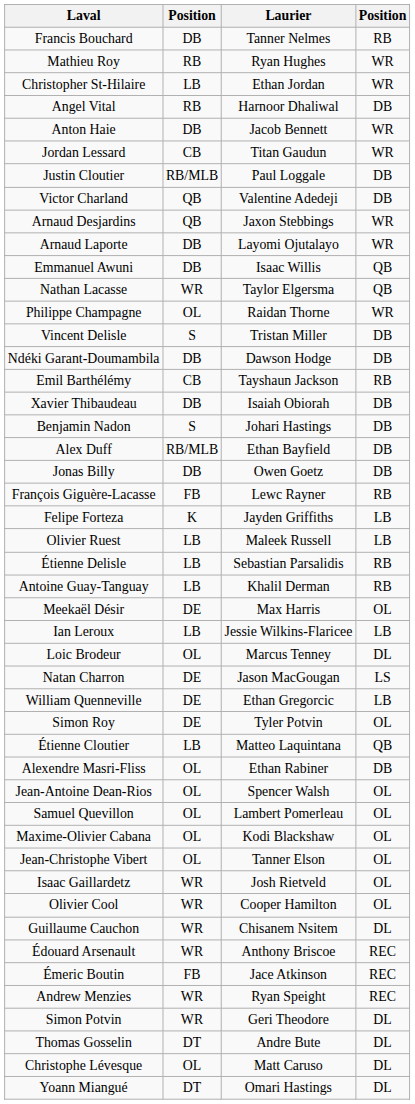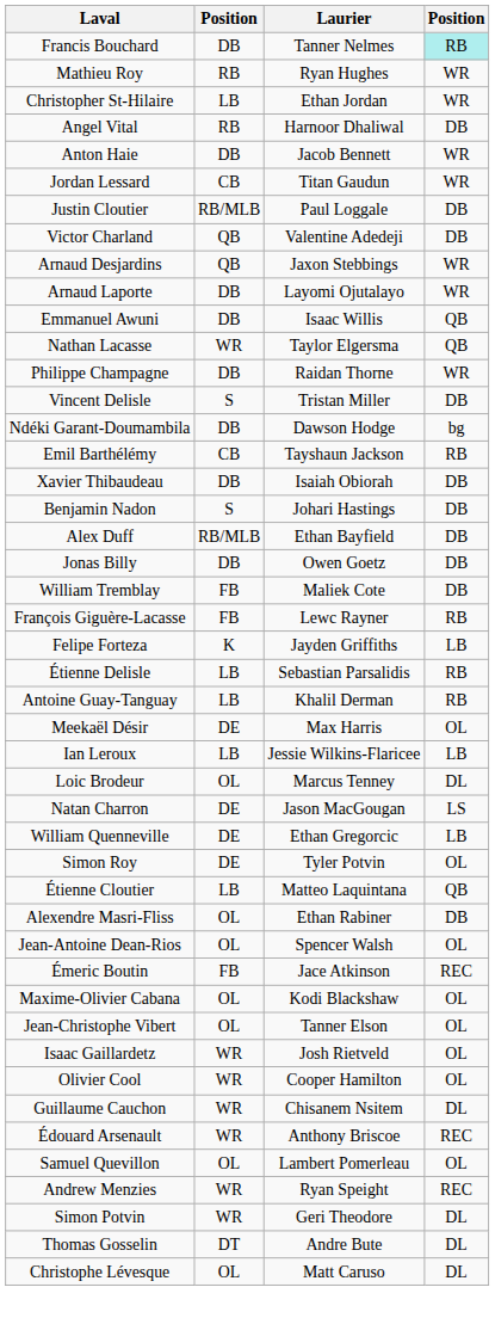 <table class="wikitable" style="margin:1em auto; text-align:center; font-size: 95%;">
 <tr>
 <th>Laval</th>
 <th>Position</th>
 <th>Laurier</th>
 <th>Position</th>
 </tr>
 <tr>
 <td>Francis Bouchard</td>
 <td>DB</td>
 <td>Tanner Nelmes</td>
-<td>RB</td>
+<td style="background: paleturquoise;">RB</td>
 </tr>
 <tr>
 <td>Mathieu Roy</td>
 <td>RB</td>
 <td>Ryan Hughes</td>
 <td>WR</td>
 </tr>
 <tr>
 <td>Christopher St-Hilaire</td>
 <td>LB</td>
 <td>Ethan Jordan</td>
 <td>WR</td>
 </tr>
 <tr>
 <td>Angel Vital</td>
 <td>RB</td>
 <td>Harnoor Dhaliwal</td>
 <td>DB</td>
 </tr>
 <tr>
 <td>Anton Haie</td>
 <td>DB</td>
 <td>Jacob Bennett</td>
 <td>WR</td>
 </tr>
 <tr>
 <td>Jordan Lessard</td>
 <td>CB</td>
 <td>Titan Gaudun</td>
 <td>WR</td>
 </tr>
 <tr>
 <td>Justin Cloutier</td>
 <td>RB/MLB</td>
 <td>Paul Loggale</td>
 <td>DB</td>
 </tr>
 <tr>
 <td>Victor Charland</td>
 <td>QB</td>
 <td>Valentine Adedeji</td>
 <td>DB</td>
 </tr>
 <tr>
 <td>Arnaud Desjardins</td>
 <td>QB</td>
 <td>Jaxon Stebbings</td>
 <td>WR</td>
 </tr>
 <tr>
 <td>Arnaud Laporte</td>
 <td>DB</td>
 <td>Layomi Ojutalayo</td>
 <td>WR</td>
 </tr>
 <tr>
 <td>Emmanuel Awuni</td>
 <td>DB</td>
 <td>Isaac Willis</td>
 <td>QB</td>
 </tr>
 <tr>
 <td>Nathan Lacasse</td>
 <td>WR</td>
 <td>Taylor Elgersma</td>
 <td>QB</td>
 </tr>
 <tr>
 <td>Philippe Champagne</td>
-<td>OL</td>
+<td>DB</td>
 <td>Raidan Thorne</td>
 <td>WR</td>
 </tr>
 <tr>
 <td>Vincent Delisle</td>
 <td>S</td>
 <td>Tristan Miller</td>
 <td>DB</td>
 </tr>
 <tr>
 <td>Ndéki Garant-Doumambila</td>
 <td>DB</td>
 <td>Dawson Hodge</td>
-<td>DB</td>
+<td>bg</td>
 </tr>
 <tr>
 <td>Emil Barthélémy</td>
 <td>CB</td>
 <td>Tayshaun Jackson</td>
 <td>RB</td>
 </tr>
 <tr>
 <td>Xavier Thibaudeau</td>
 <td>DB</td>
 <td>Isaiah Obiorah</td>
 <td>DB</td>
 </tr>
 <tr>
 <td>Benjamin Nadon</td>
 <td>S</td>
 <td>Johari Hastings</td>
 <td>DB</td>
 </tr>
 <tr>
 <td>Alex Duff</td>
 <td>RB/MLB</td>
 <td>Ethan Bayfield</td>
 <td>DB</td>
 </tr>
 <tr>
 <td>Jonas Billy</td>
 <td>DB</td>
 <td>Owen Goetz</td>
 <td>DB</td>
 </tr>
 <tr>
+<td>William Tremblay</td>
+<td>FB</td>
+<td>Maliek Cote</td>
+<td>DB</td>
+</tr>
+<tr>
 <td>François Giguère-Lacasse</td>
 <td>FB</td>
 <td>Lewc Rayner</td>
 <td>RB</td>
 </tr>
 <tr>
 <td>Felipe Forteza</td>
 <td>K</td>
 <td>Jayden Griffiths</td>
-<td>LB</td>
-</tr>
-<tr>
-<td>Olivier Ruest</td>
-<td>LB</td>
-<td>Maleek Russell</td>
 <td>LB</td>
 </tr>
 <tr>
 <td>Étienne Delisle</td>
 <td>LB</td>
 <td>Sebastian Parsalidis</td>
 <td>RB</td>
 </tr>
 <tr>
 <td>Antoine Guay-Tanguay</td>
 <td>LB</td>
 <td>Khalil Derman</td>
 <td>RB</td>
 </tr>
 <tr>
 <td>Meekaël Désir</td>
 <td>DE</td>
 <td>Max Harris</td>
 <td>OL</td>
 </tr>
 <tr>
 <td>Ian Leroux</td>
 <td>LB</td>
 <td>Jessie Wilkins-Flaricee</td>
 <td>LB</td>
 </tr>
 <tr>
 <td>Loic Brodeur</td>
 <td>OL</td>
 <td>Marcus Tenney</td>
 <td>DL</td>
 </tr>
 <tr>
 <td>Natan Charron</td>
 <td>DE</td>
 <td>Jason MacGougan</td>
 <td>LS</td>
 </tr>
 <tr>
 <td>William Quenneville</td>
 <td>DE</td>
 <td>Ethan Gregorcic</td>
 <td>LB</td>
 </tr>
 <tr>
 <td>Simon Roy</td>
 <td>DE</td>
 <td>Tyler Potvin</td>
 <td>OL</td>
 </tr>
 <tr>
 <td>Étienne Cloutier</td>
 <td>LB</td>
 <td>Matteo Laquintana</td>
 <td>QB</td>
 </tr>
 <tr>
 <td>Alexendre Masri-Fliss</td>
 <td>OL</td>
 <td>Ethan Rabiner</td>
 <td>DB</td>
 </tr>
 <tr>
 <td>Jean-Antoine Dean-Rios</td>
 <td>OL</td>
 <td>Spencer Walsh</td>
 <td>OL</td>
 </tr>
 <tr>
-<td>Samuel Quevillon</td>
-<td>OL</td>
-<td>Lambert Pomerleau</td>
-<td>OL</td>
+<td>Émeric Boutin</td>
+<td>FB</td>
+<td>Jace Atkinson</td>
+<td>REC</td>
 </tr>
 <tr>
 <td>Maxime-Olivier Cabana</td>
 <td>OL</td>
 <td>Kodi Blackshaw</td>
 <td>OL</td>
 </tr>
 <tr>
 <td>Jean-Christophe Vibert</td>
 <td>OL</td>
 <td>Tanner Elson</td>
 <td>OL</td>
 </tr>
 <tr>
 <td>Isaac Gaillardetz</td>
 <td>WR</td>
 <td>Josh Rietveld</td>
 <td>OL</td>
 </tr>
 <tr>
 <td>Olivier Cool</td>
 <td>WR</td>
 <td>Cooper Hamilton</td>
 <td>OL</td>
 </tr>
 <tr>
 <td>Guillaume Cauchon</td>
 <td>WR</td>
 <td>Chisanem Nsitem</td>
 <td>DL</td>
 </tr>
 <tr>
 <td>Édouard Arsenault</td>
 <td>WR</td>
 <td>Anthony Briscoe</td>
 <td>REC</td>
 </tr>
 <tr>
-<td>Émeric Boutin</td>
-<td>FB</td>
-<td>Jace Atkinson</td>
-<td>REC</td>
+<td>Samuel Quevillon</td>
+<td>OL</td>
+<td>Lambert Pomerleau</td>
+<td>OL</td>
 </tr>
 <tr>
 <td>Andrew Menzies</td>
 <td>WR</td>
 <td>Ryan Speight</td>
 <td>REC</td>
 </tr>
 <tr>
 <td>Simon Potvin</td>
 <td>WR</td>
 <td>Geri Theodore</td>
 <td>DL</td>
 </tr>
 <tr>
 <td>Thomas Gosselin</td>
 <td>DT</td>
 <td>Andre Bute</td>
 <td>DL</td>
 </tr>
 <tr>
 <td>Christophe Lévesque</td>
 <td>OL</td>
 <td>Matt Caruso</td>
 <td>DL</td>
 </tr>
-<tr>
-<td>Yoann Miangué</td>
-<td>DT</td>
-<td>Omari Hastings</td>
-<td>DL</td>
-</tr>
 </table>
